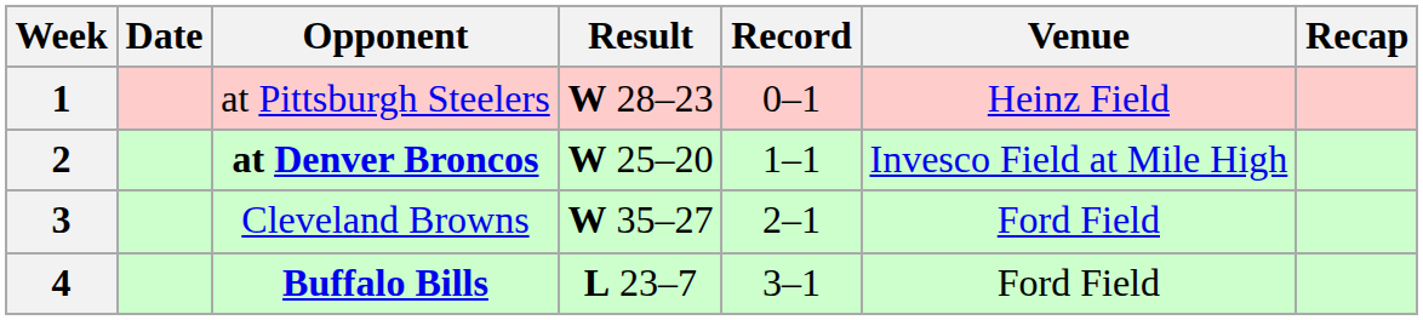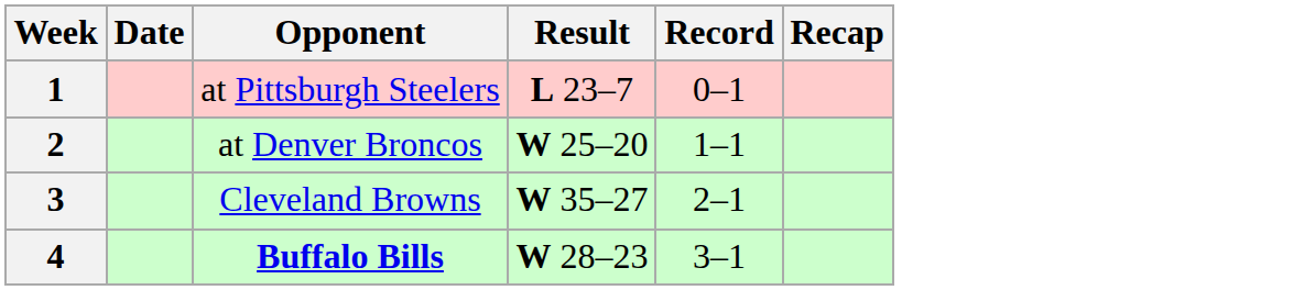 <table class="wikitable" style="text-align:center">
 <tr>
 <th>Week</th>
 <th>Date</th>
 <th>Opponent</th>
 <th>Result</th>
 <th>Record</th>
-<th>Venue</th>
 <th>Recap</th>
 </tr>
 <tr style="background:#fcc">
 <th>1</th>
 <td></td>
 <td>at <a href='#'>Pittsburgh Steelers</a></td>
-<td><strong>W</strong> 28–23</td>
+<td><strong>L</strong> 23–7</td>
 <td>0–1</td>
-<td><a href='#'>Heinz Field</a></td>
 <td></td>
 </tr>
 <tr style="background:#cfc">
 <th>2</th>
 <td></td>
-<td><strong>at <a href='#'>Denver Broncos</a></strong></td>
+<td>at <a href='#'>Denver Broncos</a></td>
 <td><strong>W</strong> 25–20</td>
 <td>1–1</td>
-<td><a href='#'>Invesco Field at Mile High</a></td>
 <td></td>
 </tr>
 <tr style="background:#cfc">
 <th>3</th>
 <td></td>
 <td><a href='#'>Cleveland Browns</a></td>
 <td><strong>W</strong> 35–27</td>
 <td>2–1</td>
-<td><a href='#'>Ford Field</a></td>
 <td></td>
 </tr>
 <tr style="background:#cfc">
 <th>4</th>
 <td></td>
 <td><strong><a href='#'>Buffalo Bills</a></strong></td>
-<td><strong>L</strong> 23–7</td>
+<td><strong>W</strong> 28–23</td>
 <td>3–1</td>
-<td>Ford Field</td>
 <td></td>
 </tr>
 </table>
